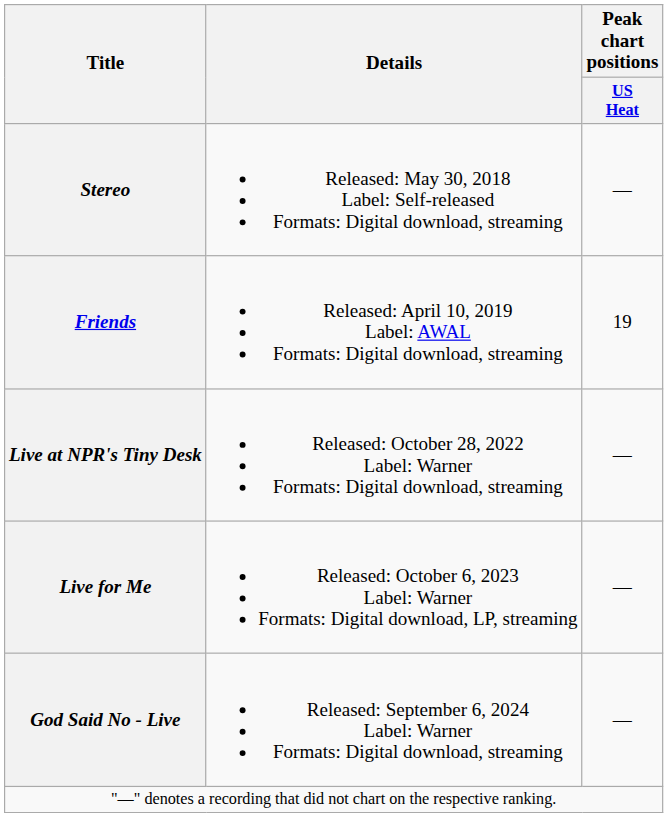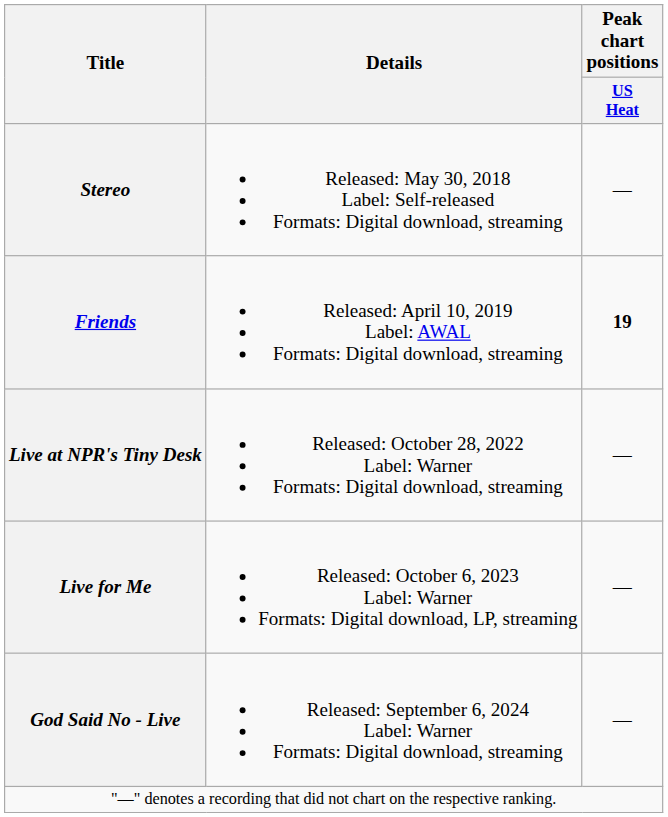 <table class="wikitable plainrowheaders" style="text-align:center">
 <tr>
 <th scope="col" rowspan="2">Title</th>
 <th scope="col" rowspan="2">Details</th>
 <th scope="col">Peak chart positions</th>
 </tr>
 <tr>
 <th scope="col" style="width:3em;font-size:85%;"><a href='#'>US<br>Heat</a><br></th>
 </tr>
 <tr>
 <th scope="row"><em>Stereo</em></th>
 <td><br><ul><li>Released: May 30, 2018</li><li>Label: Self-released</li><li>Formats: Digital download, streaming</li></ul></td>
 <td>—</td>
 </tr>
 <tr>
 <th scope="row"><em><a href='#'>Friends</a></em></th>
 <td><br><ul><li>Released: April 10, 2019</li><li>Label: <a href='#'>AWAL</a></li><li>Formats: Digital download, streaming</li></ul></td>
-<td>19</td>
+<td><strong>19</strong></td>
 </tr>
 <tr>
 <th scope="row"><em>Live at NPR's Tiny Desk</em></th>
 <td><br><ul><li>Released: October 28, 2022</li><li>Label: Warner</li><li>Formats: Digital download, streaming</li></ul></td>
 <td>—</td>
 </tr>
 <tr>
 <th scope="row"><em>Live for Me</em></th>
 <td><br><ul><li>Released: October 6, 2023</li><li>Label: Warner</li><li>Formats: Digital download, LP, streaming</li></ul></td>
 <td>—</td>
 </tr>
 <tr>
 <th scope="row"><em>God Said No - Live</em></th>
 <td><br><ul><li>Released: September 6, 2024</li><li>Label: Warner</li><li>Formats: Digital download, streaming</li></ul></td>
 <td>—</td>
 </tr>
 <tr>
 <td colspan="4" style="font-size:85%">"—" denotes a recording that did not chart on the respective ranking.</td>
 </tr>
 </table>
